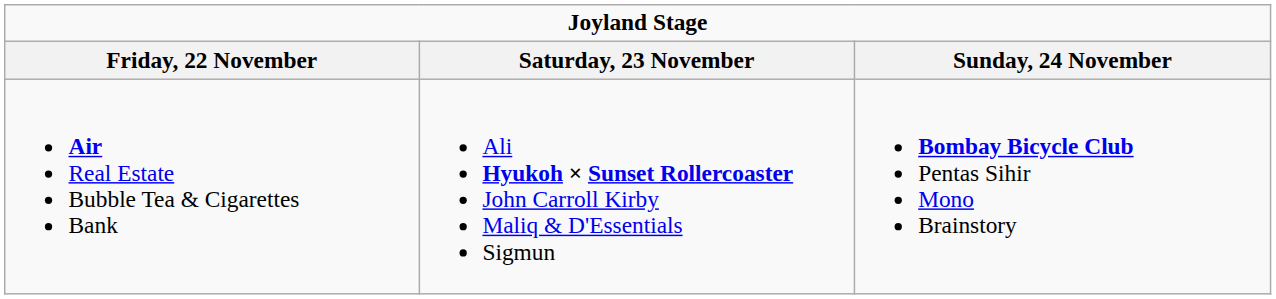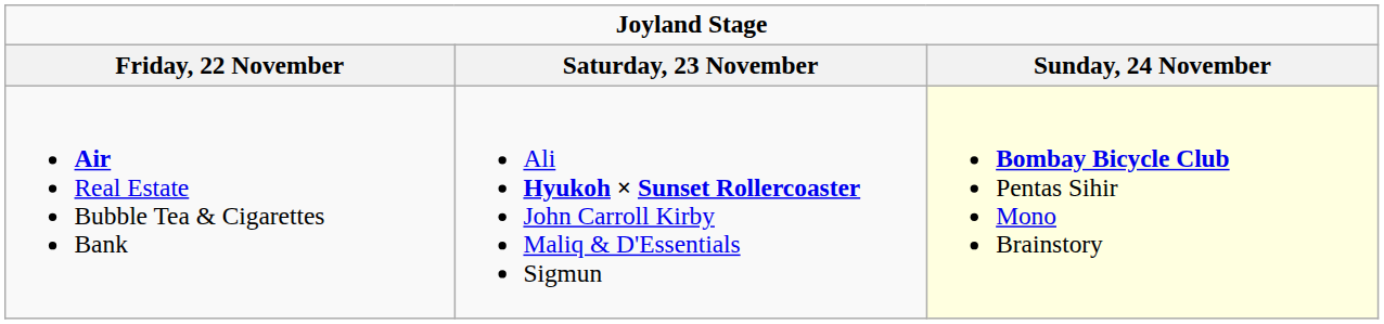 <table class="wikitable">
 <tr>
 <td colspan="4" align="center"><strong>Joyland Stage</strong></td>
 </tr>
 <tr>
 <th width="500">Friday, 22 November</th>
 <th width="500">Saturday, 23 November</th>
 <th width="500">Sunday, 24 November</th>
 </tr>
 <tr valign="top">
 <td><br><ul><li><strong><a href='#'>Air</a></strong></li><li><a href='#'>Real Estate</a></li><li>Bubble Tea & Cigarettes</li><li>Bank</li></ul></td>
 <td><br><ul><li><a href='#'>Ali</a></li><li><strong><a href='#'>Hyukoh</a> × <a href='#'>Sunset Rollercoaster</a></strong></li><li><a href='#'>John Carroll Kirby</a></li><li><a href='#'>Maliq & D'Essentials</a></li><li>Sigmun</li></ul></td>
-<td><br><ul><li><strong><a href='#'>Bombay Bicycle Club</a></strong></li><li>Pentas Sihir </li><li><a href='#'>Mono</a></li><li>Brainstory</li></ul></td>
+<td style="background: lightyellow;"><br><ul><li><strong><a href='#'>Bombay Bicycle Club</a></strong></li><li>Pentas Sihir </li><li><a href='#'>Mono</a></li><li>Brainstory</li></ul></td>
 </tr>
 </table>
